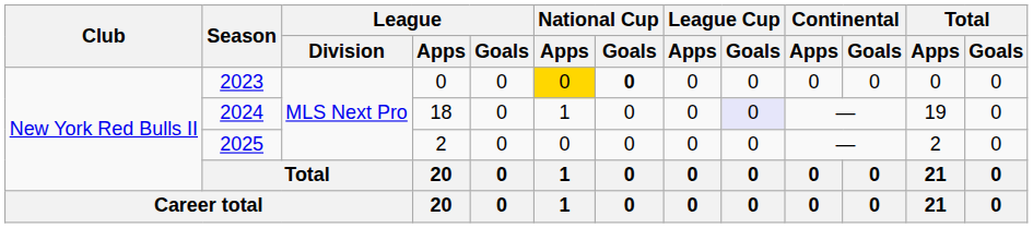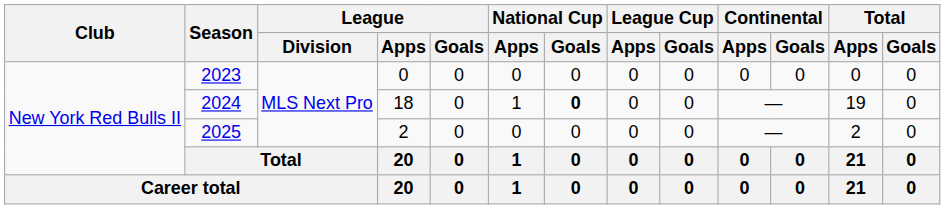 <table class="wikitable" style="text-align:center">
 <tr>
 <th rowspan="2">Club</th>
 <th rowspan="2">Season</th>
 <th colspan="3">League</th>
 <th colspan="2">National Cup </th>
 <th colspan="2">League Cup</th>
 <th colspan="2">Continental</th>
 <th colspan="2">Total</th>
 </tr>
 <tr>
 <th>Division</th>
 <th>Apps</th>
 <th>Goals</th>
 <th>Apps</th>
 <th>Goals</th>
 <th>Apps</th>
 <th>Goals</th>
 <th>Apps</th>
 <th>Goals</th>
 <th>Apps</th>
 <th>Goals</th>
 </tr>
 <tr>
 <td rowspan="4"><a href='#'>New York Red Bulls II</a></td>
 <td><a href='#'>2023</a></td>
 <td rowspan="3"><a href='#'>MLS Next Pro</a></td>
 <td>0</td>
 <td>0</td>
-<td style="background: gold;">0</td>
-<td><strong>0</strong></td>
+<td>0</td>
+<td>0</td>
 <td>0</td>
 <td>0</td>
 <td>0</td>
 <td>0</td>
 <td>0</td>
 <td>0</td>
 </tr>
 <tr>
 <td><a href='#'>2024</a></td>
 <td>18</td>
 <td>0</td>
 <td>1</td>
+<td><strong>0</strong></td>
 <td>0</td>
 <td>0</td>
-<td style="background: lavender;">0</td>
 <td colspan="2">—</td>
 <td>19</td>
 <td>0</td>
 </tr>
 <tr>
 <td><a href='#'>2025</a></td>
 <td>2</td>
 <td>0</td>
 <td>0</td>
 <td>0</td>
 <td>0</td>
 <td>0</td>
 <td colspan="2">—</td>
 <td>2</td>
 <td>0</td>
 </tr>
 <tr>
 <th colspan="2">Total</th>
 <th>20</th>
 <th>0</th>
 <th>1</th>
 <th>0</th>
 <th>0</th>
 <th>0</th>
 <th>0</th>
 <th>0</th>
 <th>21</th>
 <th>0</th>
 </tr>
 <tr>
 <th colspan="3">Career total</th>
 <th>20</th>
 <th>0</th>
 <th>1</th>
 <th>0</th>
 <th>0</th>
 <th>0</th>
 <th>0</th>
 <th>0</th>
 <th>21</th>
 <th>0</th>
 </tr>
 </table>
